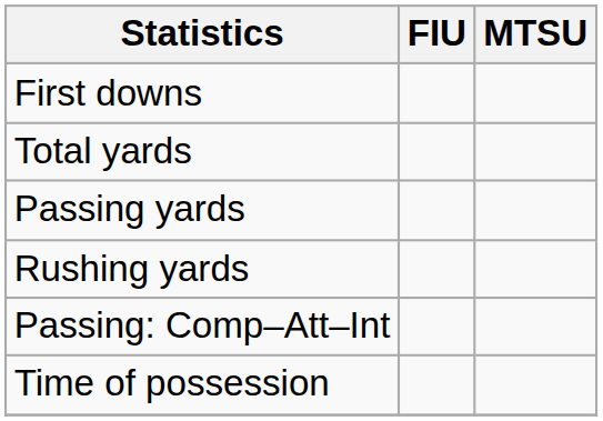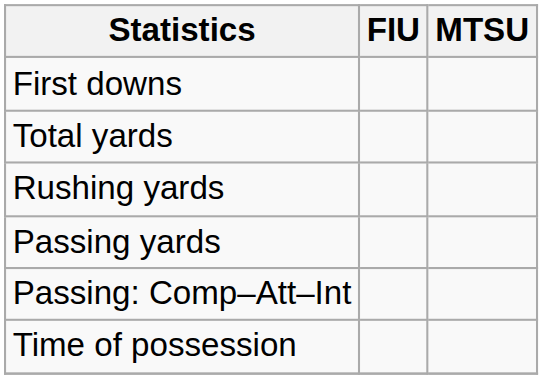 <table class="wikitable" style="float: left;">
 <tr>
 <th>Statistics</th>
 <th>FIU</th>
 <th>MTSU</th>
 </tr>
 <tr>
 <td>First downs</td>
 <td></td>
 <td></td>
 </tr>
 <tr>
 <td>Total yards</td>
 <td></td>
 <td></td>
 </tr>
 <tr>
-<td>Passing yards</td>
+<td>Rushing yards</td>
 <td></td>
 <td></td>
 </tr>
 <tr>
-<td>Rushing yards</td>
+<td>Passing yards</td>
 <td></td>
 <td></td>
 </tr>
 <tr>
 <td>Passing: Comp–Att–Int</td>
 <td></td>
 <td></td>
 </tr>
 <tr>
 <td>Time of possession</td>
 <td></td>
 <td></td>
 </tr>
 <tr>
 </tr>
 </table>
